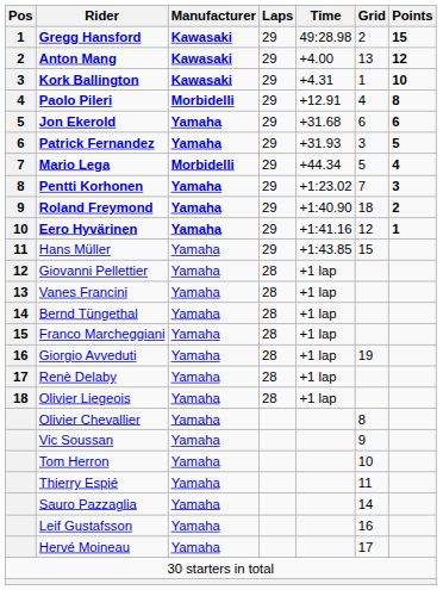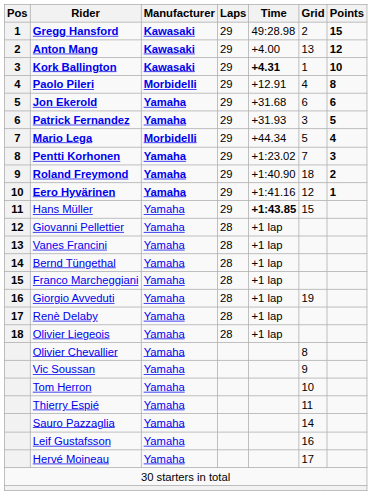 <table class="wikitable" style="font-size: 95%;">
 <tr>
 <th>Pos</th>
 <th>Rider</th>
 <th>Manufacturer</th>
 <th>Laps</th>
 <th>Time</th>
 <th>Grid</th>
 <th>Points</th>
 </tr>
 <tr>
 <th>1</th>
 <td> <strong><a href='#'>Gregg Hansford</a></strong></td>
 <td><strong><a href='#'>Kawasaki</a></strong></td>
 <td>29</td>
 <td>49:28.98</td>
 <td>2</td>
 <td><strong>15</strong></td>
 </tr>
 <tr>
 <th>2</th>
 <td> <strong><a href='#'>Anton Mang</a></strong></td>
 <td><strong><a href='#'>Kawasaki</a></strong></td>
 <td>29</td>
 <td>+4.00</td>
 <td>13</td>
 <td><strong>12</strong></td>
 </tr>
 <tr>
 <th>3</th>
 <td> <strong><a href='#'>Kork Ballington</a></strong></td>
 <td><strong><a href='#'>Kawasaki</a></strong></td>
 <td>29</td>
-<td>+4.31</td>
+<td><strong>+4.31</strong></td>
 <td>1</td>
 <td><strong>10</strong></td>
 </tr>
 <tr>
 <th>4</th>
 <td> <strong><a href='#'>Paolo Pileri</a></strong></td>
 <td><strong><a href='#'>Morbidelli</a></strong></td>
 <td>29</td>
 <td>+12.91</td>
 <td>4</td>
 <td><strong>8</strong></td>
 </tr>
 <tr>
 <th>5</th>
 <td> <strong><a href='#'>Jon Ekerold</a></strong></td>
 <td><strong><a href='#'>Yamaha</a></strong></td>
 <td>29</td>
 <td>+31.68</td>
 <td>6</td>
 <td><strong>6</strong></td>
 </tr>
 <tr>
 <th>6</th>
 <td> <strong><a href='#'>Patrick Fernandez</a></strong></td>
 <td><strong><a href='#'>Yamaha</a></strong></td>
 <td>29</td>
 <td>+31.93</td>
 <td>3</td>
 <td><strong>5</strong></td>
 </tr>
 <tr>
 <th>7</th>
 <td> <strong><a href='#'>Mario Lega</a></strong></td>
 <td><strong><a href='#'>Morbidelli</a></strong></td>
 <td>29</td>
 <td>+44.34</td>
 <td>5</td>
 <td><strong>4</strong></td>
 </tr>
 <tr>
 <th>8</th>
 <td> <strong><a href='#'>Pentti Korhonen</a></strong></td>
 <td><strong><a href='#'>Yamaha</a></strong></td>
 <td>29</td>
 <td>+1:23.02</td>
 <td>7</td>
 <td><strong>3</strong></td>
 </tr>
 <tr>
 <th>9</th>
 <td> <strong><a href='#'>Roland Freymond</a></strong></td>
 <td><strong><a href='#'>Yamaha</a></strong></td>
 <td>29</td>
 <td>+1:40.90</td>
 <td>18</td>
 <td><strong>2</strong></td>
 </tr>
 <tr>
 <th>10</th>
 <td> <strong><a href='#'>Eero Hyvärinen</a></strong></td>
 <td><strong><a href='#'>Yamaha</a></strong></td>
 <td>29</td>
 <td>+1:41.16</td>
 <td>12</td>
 <td><strong>1</strong></td>
 </tr>
 <tr>
 <th>11</th>
 <td> <a href='#'>Hans Müller</a></td>
 <td><a href='#'>Yamaha</a></td>
 <td>29</td>
-<td>+1:43.85</td>
+<td><strong>+1:43.85</strong></td>
 <td>15</td>
 <td></td>
 </tr>
 <tr>
 <th>12</th>
 <td> <a href='#'>Giovanni Pellettier</a></td>
 <td><a href='#'>Yamaha</a></td>
 <td>28</td>
 <td>+1 lap</td>
 <td></td>
 <td></td>
 </tr>
 <tr>
 <th>13</th>
 <td> <a href='#'>Vanes Francini</a></td>
 <td><a href='#'>Yamaha</a></td>
 <td>28</td>
 <td>+1 lap</td>
 <td></td>
 <td></td>
 </tr>
 <tr>
 <th>14</th>
 <td> <a href='#'>Bernd Tüngethal</a></td>
 <td><a href='#'>Yamaha</a></td>
 <td>28</td>
 <td>+1 lap</td>
 <td></td>
 <td></td>
 </tr>
 <tr>
 <th>15</th>
 <td> <a href='#'>Franco Marcheggiani</a></td>
 <td><a href='#'>Yamaha</a></td>
 <td>28</td>
 <td>+1 lap</td>
 <td></td>
 <td></td>
 </tr>
 <tr>
 <th>16</th>
 <td> <a href='#'>Giorgio Avveduti</a></td>
 <td><a href='#'>Yamaha</a></td>
 <td>28</td>
 <td>+1 lap</td>
 <td>19</td>
 <td></td>
 </tr>
 <tr>
 <th>17</th>
 <td> <a href='#'>Renè Delaby</a></td>
 <td><a href='#'>Yamaha</a></td>
 <td>28</td>
 <td>+1 lap</td>
 <td></td>
 <td></td>
 </tr>
 <tr>
 <th>18</th>
 <td> <a href='#'>Olivier Liegeois</a></td>
 <td><a href='#'>Yamaha</a></td>
 <td>28</td>
 <td>+1 lap</td>
 <td></td>
 <td></td>
 </tr>
 <tr>
 <th></th>
 <td> <a href='#'>Olivier Chevallier</a></td>
 <td><a href='#'>Yamaha</a></td>
 <td></td>
 <td></td>
 <td>8</td>
 <td></td>
 </tr>
 <tr>
 <th></th>
 <td> <a href='#'>Vic Soussan</a></td>
 <td><a href='#'>Yamaha</a></td>
 <td></td>
 <td></td>
 <td>9</td>
 <td></td>
 </tr>
 <tr>
 <th></th>
 <td> <a href='#'>Tom Herron</a></td>
 <td><a href='#'>Yamaha</a></td>
 <td></td>
 <td></td>
 <td>10</td>
 <td></td>
 </tr>
 <tr>
 <th></th>
 <td> <a href='#'>Thierry Espié</a></td>
 <td><a href='#'>Yamaha</a></td>
 <td></td>
 <td></td>
 <td>11</td>
 <td></td>
 </tr>
 <tr>
 <th></th>
 <td> <a href='#'>Sauro Pazzaglia</a></td>
 <td><a href='#'>Yamaha</a></td>
 <td></td>
 <td></td>
 <td>14</td>
 <td></td>
 </tr>
 <tr>
 <th></th>
 <td> <a href='#'>Leif Gustafsson</a></td>
 <td><a href='#'>Yamaha</a></td>
 <td></td>
 <td></td>
 <td>16</td>
 <td></td>
 </tr>
 <tr>
 <th></th>
 <td> <a href='#'>Hervé Moineau</a></td>
 <td><a href='#'>Yamaha</a></td>
 <td></td>
 <td></td>
 <td>17</td>
 <td></td>
 </tr>
 <tr>
 <td colspan=7 align=center>30 starters in total</td>
 </tr>
 <tr>
 <th colspan=7></th>
 </tr>
 </table>
